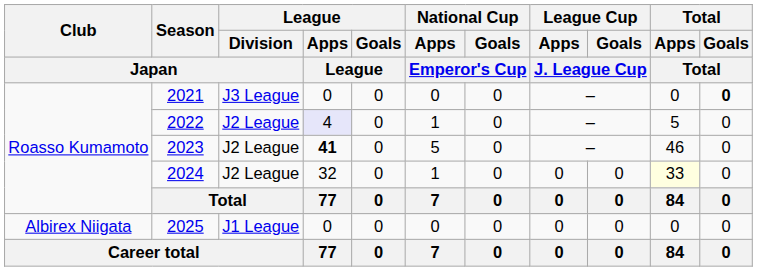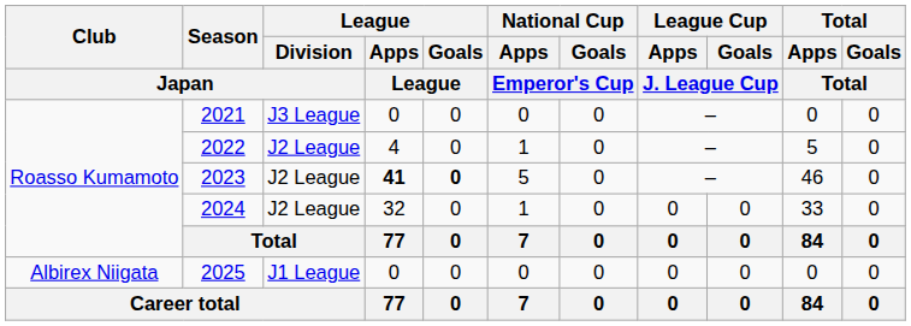 <table class="wikitable" style="text-align:center">
 <tr>
 <th rowspan=2>Club</th>
 <th rowspan=2>Season</th>
 <th colspan=3>League</th>
 <th colspan=2>National Cup</th>
 <th colspan=2>League Cup</th>
 <th colspan=2>Total</th>
 </tr>
 <tr>
 <th>Division</th>
 <th>Apps</th>
 <th>Goals</th>
 <th>Apps</th>
 <th>Goals</th>
 <th>Apps</th>
 <th>Goals</th>
 <th>Apps</th>
 <th>Goals</th>
 </tr>
 <tr>
 <th colspan=3>Japan</th>
 <th colspan=2>League</th>
 <th colspan=2><a href='#'>Emperor's Cup</a></th>
 <th colspan=2><a href='#'>J. League Cup</a></th>
 <th colspan=2>Total</th>
 </tr>
 <tr>
 <td rowspan="5"><a href='#'>Roasso Kumamoto</a></td>
 <td><a href='#'>2021</a></td>
 <td><a href='#'>J3 League</a></td>
 <td>0</td>
 <td>0</td>
 <td>0</td>
 <td>0</td>
 <td colspan="2">–</td>
 <td>0</td>
-<td><strong>0</strong></td>
+<td>0</td>
 </tr>
 <tr>
 <td><a href='#'>2022</a></td>
 <td><a href='#'>J2 League</a></td>
-<td style="background: lavender;">4</td>
+<td>4</td>
 <td>0</td>
 <td>1</td>
 <td>0</td>
 <td colspan="2">–</td>
 <td>5</td>
 <td>0</td>
 </tr>
 <tr>
 <td><a href='#'>2023</a></td>
 <td>J2 League</td>
 <td><strong>41</strong></td>
-<td>0</td>
+<td><strong>0</strong></td>
 <td>5</td>
 <td>0</td>
 <td colspan="2">–</td>
 <td>46</td>
 <td>0</td>
 </tr>
 <tr>
 <td><a href='#'>2024</a></td>
 <td>J2 League</td>
 <td>32</td>
 <td>0</td>
 <td>1</td>
 <td>0</td>
 <td>0</td>
 <td>0</td>
-<td style="background: lightyellow;">33</td>
+<td>33</td>
 <td>0</td>
 </tr>
 <tr>
 <th colspan="2">Total</th>
 <th>77</th>
 <th>0</th>
 <th>7</th>
 <th>0</th>
 <th>0</th>
 <th>0</th>
 <th>84</th>
 <th>0</th>
 </tr>
 <tr>
 <td><a href='#'>Albirex Niigata</a></td>
 <td><a href='#'>2025</a></td>
 <td><a href='#'>J1 League</a></td>
 <td>0</td>
 <td>0</td>
 <td>0</td>
 <td>0</td>
 <td>0</td>
 <td>0</td>
 <td>0</td>
 <td>0</td>
 </tr>
 <tr>
 <th colspan=3>Career total</th>
 <th>77</th>
 <th>0</th>
 <th>7</th>
 <th>0</th>
 <th>0</th>
 <th>0</th>
 <th>84</th>
 <th>0</th>
 </tr>
 </table>
